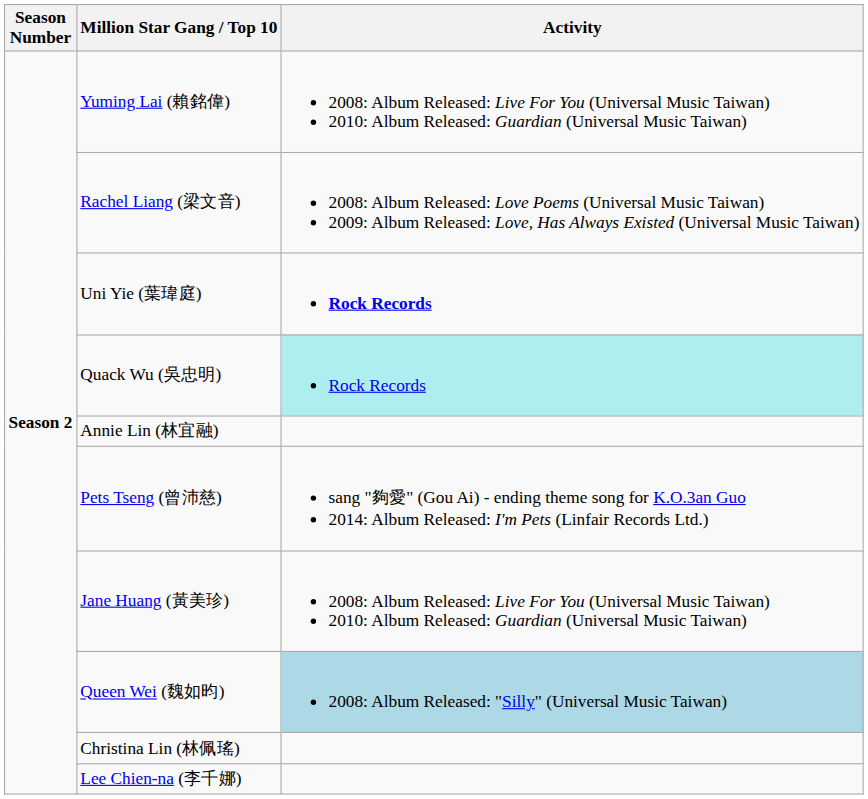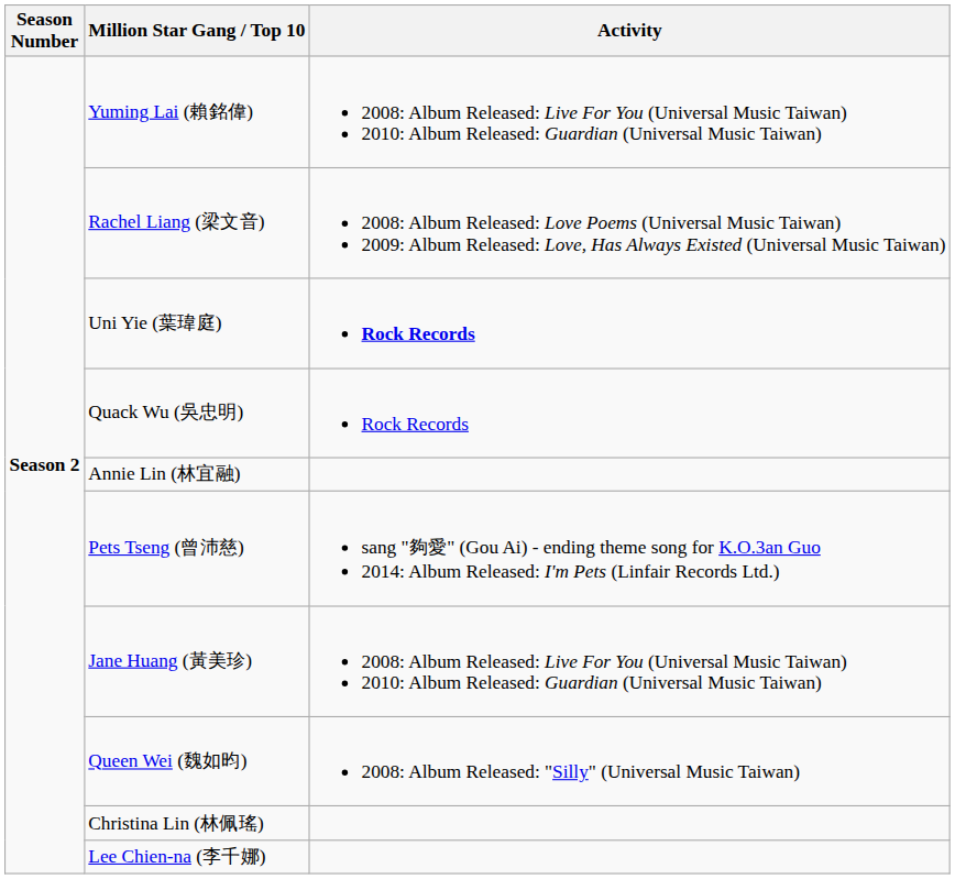 <table class="wikitable">
 <tr>
 <th align="center">Season<br>Number</th>
 <th align="center">Million Star Gang / Top 10</th>
 <th align="center">Activity</th>
 </tr>
 <tr>
 <td rowspan="10"><strong>Season 2</strong></td>
 <td><a href='#'>Yuming Lai</a> (賴銘偉)</td>
 <td><br><ul><li>2008: Album Released: <em>Live For You</em> (Universal Music Taiwan)</li><li>2010: Album Released: <em>Guardian</em> (Universal Music Taiwan)</li></ul></td>
 </tr>
 <tr>
 <td><a href='#'>Rachel Liang</a> (梁文音)</td>
 <td><br><ul><li>2008: Album Released: <em>Love Poems</em> (Universal Music Taiwan)</li><li>2009: Album Released: <em>Love, Has Always Existed</em> (Universal Music Taiwan)</li></ul></td>
 </tr>
 <tr>
 <td>Uni Yie (葉瑋庭)</td>
 <td><strong><br><ul><li><a href='#'>Rock Records</a></li></ul></strong></td>
 </tr>
 <tr>
 <td>Quack Wu (吳忠明)</td>
-<td style="background: paleturquoise;"><br><ul><li><a href='#'>Rock Records</a></li></ul></td>
+<td><br><ul><li><a href='#'>Rock Records</a></li></ul></td>
 </tr>
 <tr>
 <td>Annie Lin (林宜融)</td>
 <td></td>
 </tr>
 <tr>
 <td><a href='#'>Pets Tseng</a> (曾沛慈)</td>
 <td><br><ul><li>sang "夠愛" (Gou Ai) - ending theme song for <a href='#'>K.O.3an Guo</a></li><li>2014: Album Released: <em>I'm Pets</em> (Linfair Records Ltd.)</li></ul></td>
 </tr>
 <tr>
 <td><a href='#'>Jane Huang</a> (黃美珍)</td>
 <td><br><ul><li>2008: Album Released: <em>Live For You</em> (Universal Music Taiwan)</li><li>2010: Album Released: <em>Guardian</em> (Universal Music Taiwan)</li></ul></td>
 </tr>
 <tr>
 <td><a href='#'>Queen Wei</a> (魏如昀)</td>
-<td style="background: lightblue;"><br><ul><li>2008: Album Released: "<a href='#'>Silly</a>" (Universal Music Taiwan)</li></ul></td>
+<td><br><ul><li>2008: Album Released: "<a href='#'>Silly</a>" (Universal Music Taiwan)</li></ul></td>
 </tr>
 <tr>
 <td>Christina Lin (林佩瑤)</td>
 <td></td>
 </tr>
 <tr>
 <td><a href='#'>Lee Chien-na</a> (李千娜)</td>
 <td></td>
 </tr>
 </table>
